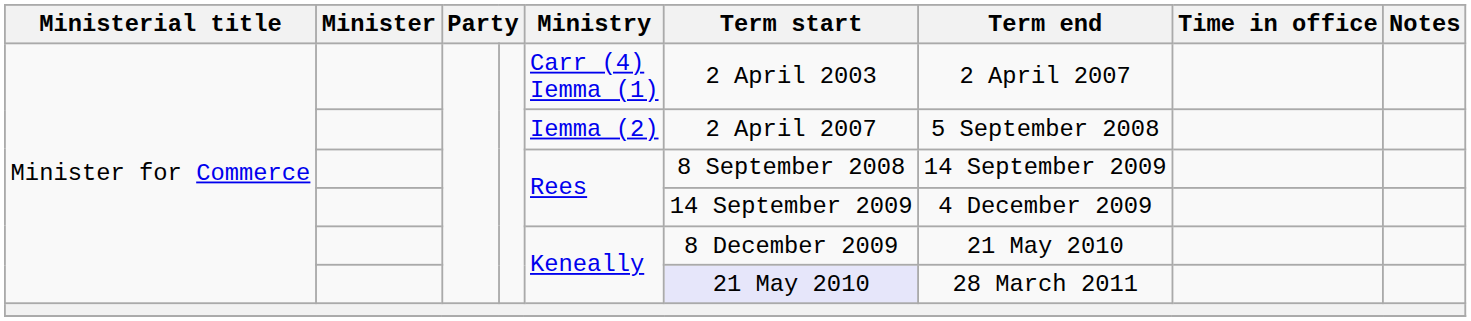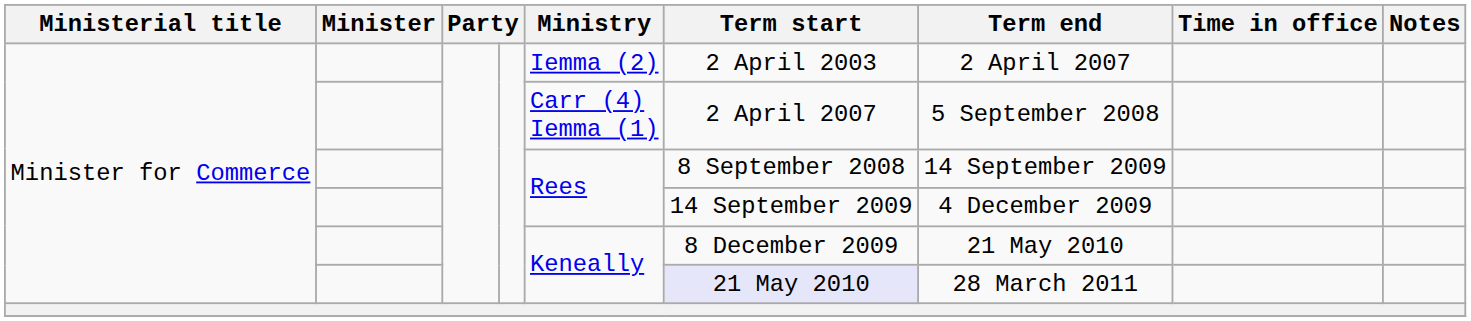 <table class="wikitable sortable">
 <tr>
 <th>Ministerial title</th>
 <th>Minister</th>
 <th colspan=2>Party</th>
 <th>Ministry</th>
 <th>Term start</th>
 <th>Term end</th>
 <th>Time in office</th>
 <th class="unsortable">Notes</th>
 </tr>
 <tr>
 <td rowspan=6>Minister for <a href='#'>Commerce</a></td>
 <td></td>
 <td rowspan=6 > </td>
 <td rowspan=6></td>
-<td><a href='#'>Carr (4)</a><br><a href='#'>Iemma (1)</a></td>
+<td><a href='#'>Iemma (2)</a></td>
 <td align=center>2 April 2003</td>
 <td align=center>2 April 2007</td>
 <td align=right><strong></strong></td>
 <td></td>
 </tr>
 <tr>
 <td></td>
-<td><a href='#'>Iemma (2)</a></td>
+<td><a href='#'>Carr (4)</a><br><a href='#'>Iemma (1)</a></td>
 <td align=center>2 April 2007</td>
 <td align=center>5 September 2008</td>
 <td align=right></td>
 <td></td>
 </tr>
 <tr>
 <td></td>
 <td rowspan=2><a href='#'>Rees</a></td>
 <td align=center>8 September 2008</td>
 <td align=center>14 September 2009</td>
 <td align=right></td>
 <td></td>
 </tr>
 <tr>
 <td></td>
 <td align=center>14 September 2009</td>
 <td align=center>4 December 2009</td>
 <td align=right></td>
 <td></td>
 </tr>
 <tr>
 <td></td>
 <td rowspan=2><a href='#'>Keneally</a></td>
 <td align=center>8 December 2009</td>
 <td align=center>21 May 2010</td>
 <td align=right></td>
 <td></td>
 </tr>
 <tr>
 <td></td>
 <td align=center style="background: lavender;">21 May 2010</td>
 <td align=center>28 March 2011</td>
 <td align=right></td>
 <td></td>
 </tr>
 <tr>
 <th colspan=9></th>
 </tr>
 <tr>
 </tr>
 </table>
